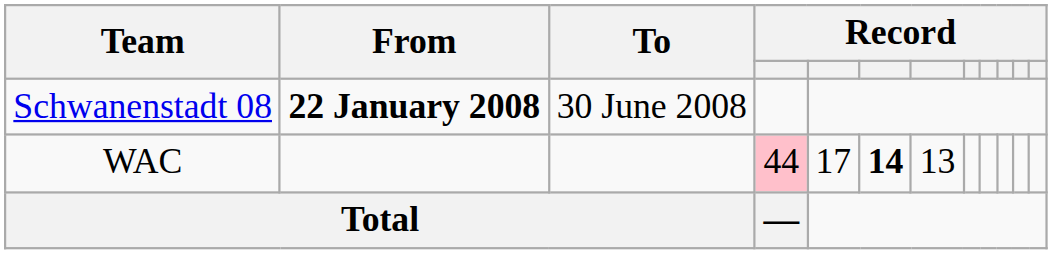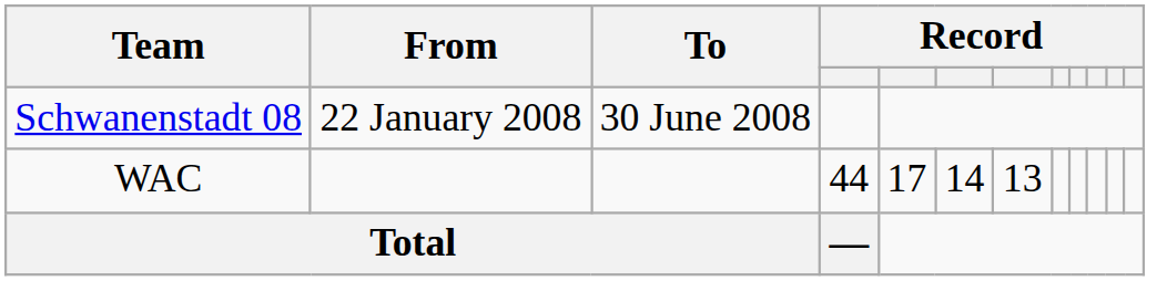 <table class="wikitable" style="text-align: center">
 <tr>
 <th rowspan="2">Team</th>
 <th rowspan="2">From</th>
 <th rowspan="2">To</th>
 <th colspan="9">Record</th>
 </tr>
 <tr>
 <th></th>
 <th></th>
 <th></th>
 <th></th>
 <th></th>
 <th></th>
 <th></th>
 <th></th>
 <th></th>
 </tr>
 <tr>
 <td><a href='#'>Schwanenstadt 08</a></td>
-<td><strong>22 January 2008</strong></td>
+<td>22 January 2008</td>
 <td>30 June 2008<br></td>
 <td></td>
 </tr>
 <tr>
 <td>WAC</td>
 <td></td>
 <td></td>
-<td style="background: pink;">44</td>
+<td>44</td>
 <td>17</td>
-<td><strong>14</strong></td>
+<td>14</td>
 <td>13</td>
 <td></td>
 <td></td>
 <td></td>
 <td></td>
 <td></td>
 </tr>
 <tr>
 <th colspan="3">Total<br></th>
 <th>—</th>
 </tr>
 </table>
